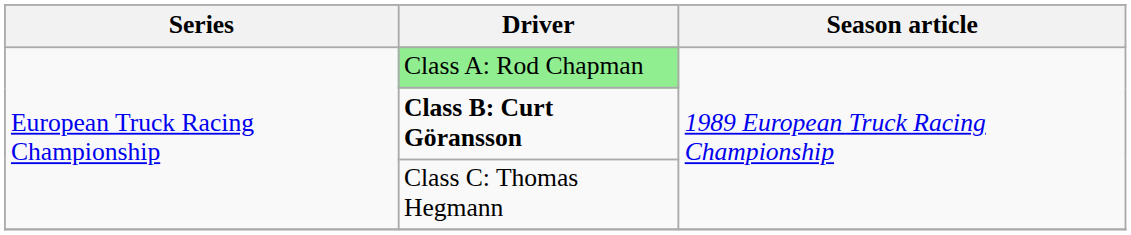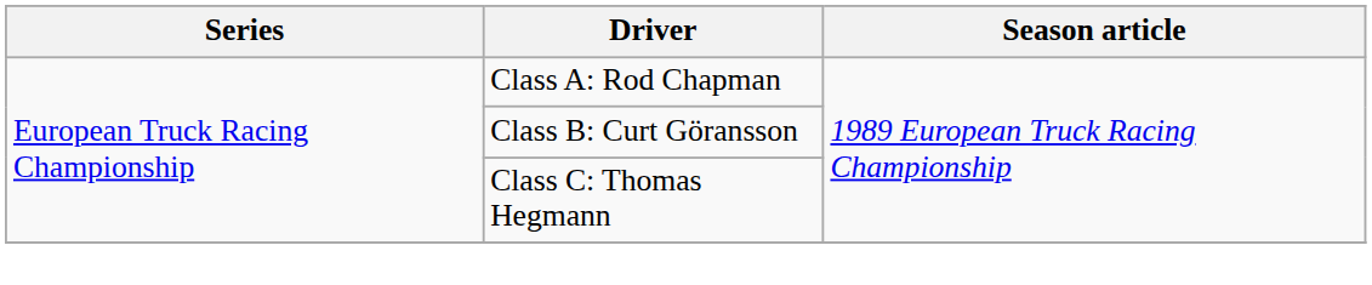 <table class="wikitable" style="font-size: 87%;">
 <tr>
 <th>Series</th>
 <th>Driver</th>
 <th>Season article</th>
 </tr>
 <tr>
 <td rowspan=3><a href='#'>European Truck Racing Championship</a></td>
-<td style="background: lightgreen;">Class A:  Rod Chapman</td>
+<td>Class A:  Rod Chapman</td>
 <td rowspan=3><em><a href='#'>1989 European Truck Racing Championship</a></em></td>
 </tr>
 <tr>
-<td><strong>Class B:  Curt Göransson</strong></td>
+<td>Class B:  Curt Göransson</td>
 </tr>
 <tr>
 <td>Class C:  Thomas Hegmann</td>
 </tr>
 <tr>
 </tr>
 </table>
